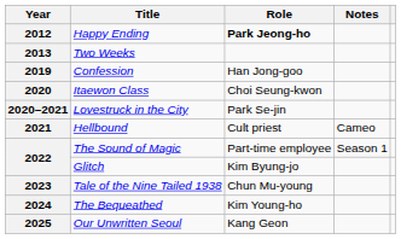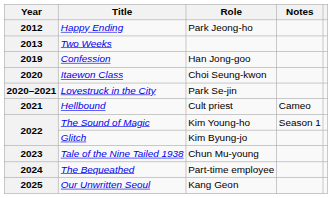 <table class="wikitable sortable plainrowheaders">
 <tr>
 <th>Year</th>
 <th>Title</th>
 <th>Role</th>
 <th scope="col" class="unsortable">Notes</th>
 <th scope="col" class="unsortable"></th>
 </tr>
 <tr>
 <th scope="row">2012</th>
 <td><em><a href='#'>Happy Ending</a></em></td>
-<td><strong>Park Jeong-ho</strong></td>
+<td>Park Jeong-ho</td>
 <td></td>
 <td></td>
 </tr>
 <tr>
 <th scope="row">2013</th>
 <td><em><a href='#'>Two Weeks</a></em></td>
 <td></td>
 <td></td>
 <td></td>
 </tr>
 <tr>
 <th scope="row">2019</th>
 <td><em><a href='#'>Confession</a></em></td>
 <td>Han Jong-goo</td>
 <td></td>
 <td></td>
 </tr>
 <tr>
 <th scope="row">2020</th>
 <td><em><a href='#'>Itaewon Class</a></em></td>
 <td>Choi Seung-kwon</td>
 <td></td>
 <td></td>
 </tr>
 <tr>
 <th scope="row">2020–2021</th>
 <td><em><a href='#'>Lovestruck in the City</a></em></td>
 <td>Park Se-jin</td>
 <td></td>
 <td></td>
 </tr>
 <tr>
 <th scope="row">2021</th>
 <td><em><a href='#'>Hellbound</a></em></td>
 <td>Cult priest</td>
 <td>Cameo</td>
 <td></td>
 </tr>
 <tr>
 <th scope="row" rowspan=2>2022</th>
 <td><em><a href='#'>The Sound of Magic</a></em></td>
-<td>Part-time employee</td>
+<td>Kim Young-ho</td>
 <td>Season 1</td>
 <td></td>
 </tr>
 <tr>
 <td><em><a href='#'>Glitch</a></em></td>
 <td>Kim Byung-jo</td>
 <td></td>
 <td></td>
 </tr>
 <tr>
 <th scope="row">2023</th>
 <td><em><a href='#'>Tale of the Nine Tailed 1938</a></em></td>
 <td>Chun Mu-young</td>
 <td></td>
 <td></td>
 </tr>
 <tr>
 <th scope="row">2024</th>
 <td><em><a href='#'>The Bequeathed</a></em></td>
-<td>Kim Young-ho</td>
+<td>Part-time employee</td>
 <td></td>
 <td></td>
 </tr>
 <tr>
 <th scope="row">2025</th>
 <td><em><a href='#'>Our Unwritten Seoul</a></em></td>
 <td>Kang Geon</td>
 <td></td>
 <td></td>
 </tr>
 </table>
